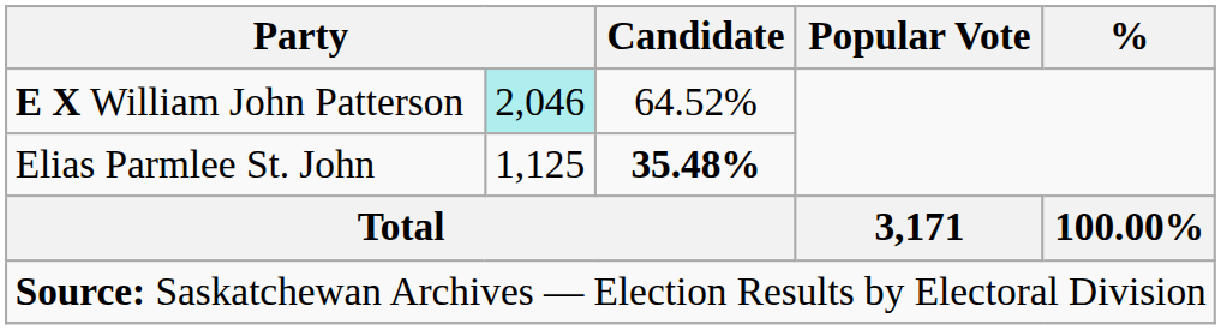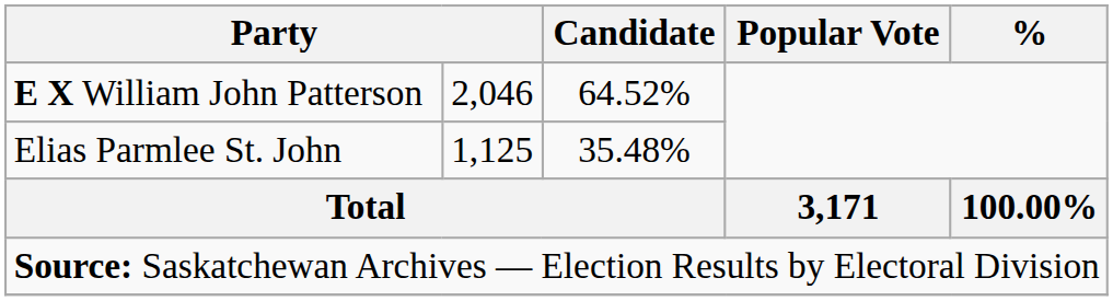 <table class="wikitable">
 <tr>
 <th colspan="2">Party</th>
 <th>Candidate</th>
 <th>Popular Vote</th>
 <th>%</th>
 </tr>
 <tr>
 <td><strong>E</strong> <strong>X</strong> William John Patterson</td>
-<td align=center style="background: paleturquoise;">2,046</td>
+<td align=center>2,046</td>
 <td align=center>64.52%</td>
 </tr>
 <tr>
 <td>Elias Parmlee St. John</td>
 <td align=center>1,125</td>
-<td align=center><strong>35.48%</strong></td>
+<td align=center>35.48%</td>
 </tr>
 <tr>
 <th colspan=3>Total</th>
 <th>3,171</th>
 <th>100.00%</th>
 </tr>
 <tr>
 <td align="center" colspan=5><strong>Source:</strong> Saskatchewan Archives — Election Results by Electoral Division</td>
 </tr>
 <tr>
 </tr>
 </table>
